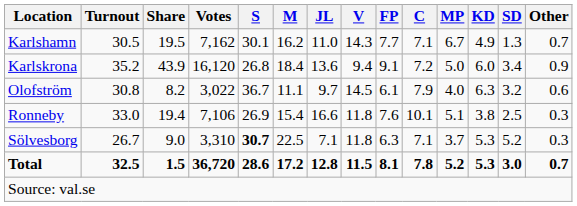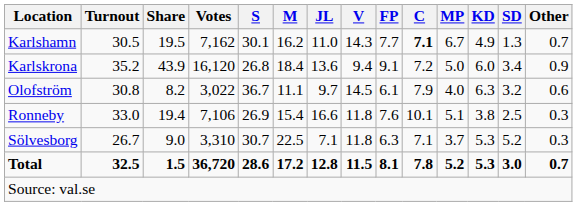 <table class="wikitable sortable" style=text-align:right>
 <tr>
 <th>Location</th>
 <th>Turnout</th>
 <th>Share</th>
 <th>Votes</th>
 <th><a href='#'>S</a></th>
 <th><a href='#'>M</a></th>
 <th><a href='#'>JL</a></th>
 <th><a href='#'>V</a></th>
 <th><a href='#'>FP</a></th>
 <th><a href='#'>C</a></th>
 <th><a href='#'>MP</a></th>
 <th><a href='#'>KD</a></th>
 <th><a href='#'>SD</a></th>
 <th>Other</th>
 </tr>
 <tr>
 <td align=left><a href='#'>Karlshamn</a></td>
 <td>30.5</td>
 <td>19.5</td>
 <td>7,162</td>
 <td>30.1</td>
 <td>16.2</td>
 <td>11.0</td>
 <td>14.3</td>
 <td>7.7</td>
-<td>7.1</td>
+<td><strong>7.1</strong></td>
 <td>6.7</td>
 <td>4.9</td>
 <td>1.3</td>
 <td>0.7</td>
 </tr>
 <tr>
 <td align=left><a href='#'>Karlskrona</a></td>
 <td>35.2</td>
 <td>43.9</td>
 <td>16,120</td>
 <td>26.8</td>
 <td>18.4</td>
 <td>13.6</td>
 <td>9.4</td>
 <td>9.1</td>
 <td>7.2</td>
 <td>5.0</td>
 <td>6.0</td>
 <td>3.4</td>
 <td>0.9</td>
 </tr>
 <tr>
 <td align=left><a href='#'>Olofström</a></td>
 <td>30.8</td>
 <td>8.2</td>
 <td>3,022</td>
 <td>36.7</td>
 <td>11.1</td>
 <td>9.7</td>
 <td>14.5</td>
 <td>6.1</td>
 <td>7.9</td>
 <td>4.0</td>
 <td>6.3</td>
 <td>3.2</td>
 <td>0.6</td>
 </tr>
 <tr>
 <td align=left><a href='#'>Ronneby</a></td>
 <td>33.0</td>
 <td>19.4</td>
 <td>7,106</td>
 <td>26.9</td>
 <td>15.4</td>
 <td>16.6</td>
 <td>11.8</td>
 <td>7.6</td>
 <td>10.1</td>
 <td>5.1</td>
 <td>3.8</td>
 <td>2.5</td>
 <td>0.3</td>
 </tr>
 <tr>
 <td align=left><a href='#'>Sölvesborg</a></td>
 <td>26.7</td>
 <td>9.0</td>
 <td>3,310</td>
-<td><strong>30.7</strong></td>
+<td>30.7</td>
 <td>22.5</td>
 <td>7.1</td>
 <td>11.8</td>
 <td>6.3</td>
 <td>7.1</td>
 <td>3.7</td>
 <td>5.3</td>
 <td>5.2</td>
 <td>0.3</td>
 </tr>
 <tr>
 <td align=left><strong>Total</strong></td>
 <td><strong>32.5</strong></td>
 <td><strong>1.5</strong></td>
 <td><strong>36,720</strong></td>
 <td><strong>28.6</strong></td>
 <td><strong>17.2</strong></td>
 <td><strong>12.8</strong></td>
 <td><strong>11.5</strong></td>
 <td><strong>8.1</strong></td>
 <td><strong>7.8</strong></td>
 <td><strong>5.2</strong></td>
 <td><strong>5.3</strong></td>
 <td><strong>3.0</strong></td>
 <td><strong>0.7</strong></td>
 </tr>
 <tr>
 <td align=left colspan=14>Source: val.se </td>
 </tr>
 </table>
